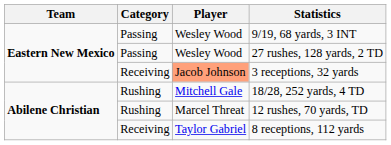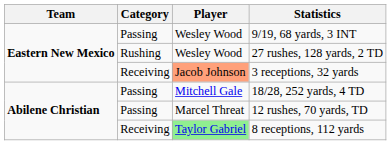 <table class="wikitable" style="float: left;">
 <tr>
 <th>Team</th>
 <th>Category</th>
 <th>Player</th>
 <th>Statistics</th>
 </tr>
 <tr>
 <td rowspan=3><strong>Eastern New Mexico</strong></td>
 <td>Passing</td>
 <td>Wesley Wood</td>
 <td>9/19, 68 yards, 3 INT</td>
 </tr>
 <tr>
-<td>Passing</td>
+<td>Rushing</td>
 <td>Wesley Wood</td>
 <td>27 rushes, 128 yards, 2 TD</td>
 </tr>
 <tr>
 <td>Receiving</td>
 <td style="background: lightsalmon;">Jacob Johnson</td>
 <td>3 receptions, 32 yards</td>
 </tr>
 <tr>
 <td rowspan=3><strong>Abilene Christian</strong></td>
-<td>Rushing</td>
+<td>Passing</td>
 <td><a href='#'>Mitchell Gale</a></td>
 <td>18/28, 252 yards, 4 TD</td>
 </tr>
 <tr>
-<td>Rushing</td>
+<td>Passing</td>
 <td>Marcel Threat</td>
 <td>12 rushes, 70 yards, TD</td>
 </tr>
 <tr>
 <td>Receiving</td>
-<td><a href='#'>Taylor Gabriel</a></td>
+<td style="background: lightgreen;"><a href='#'>Taylor Gabriel</a></td>
 <td>8 receptions, 112 yards</td>
 </tr>
 </table>
